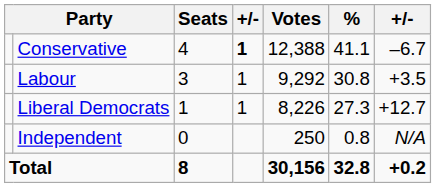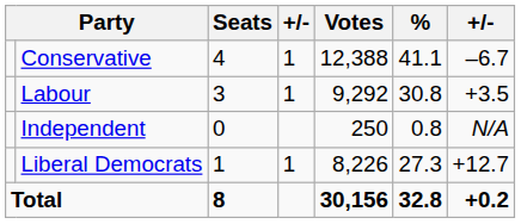 <table class="wikitable sortable">
 <tr>
 <th colspan="2">Party</th>
 <th>Seats</th>
 <th>+/-</th>
 <th>Votes</th>
 <th>%</th>
 <th>+/-</th>
 </tr>
 <tr>
 <td style="background-color: "></td>
 <td><a href='#'>Conservative</a></td>
 <td>4</td>
-<td><strong> 1</strong></td>
+<td> 1</td>
 <td style="text-align:right;">12,388</td>
 <td style="text-align:right;">41.1</td>
 <td style="text-align:right;">–6.7</td>
 </tr>
 <tr>
 <td style="background-color: "></td>
 <td><a href='#'>Labour</a></td>
 <td>3</td>
 <td> 1</td>
 <td style="text-align:right;">9,292</td>
 <td style="text-align:right;">30.8</td>
 <td style="text-align:right;">+3.5</td>
 </tr>
 <tr>
 <td style="background-color: "></td>
+<td><a href='#'>Independent</a></td>
+<td>0</td>
+<td></td>
+<td style="text-align:right;">250</td>
+<td style="text-align:right;">0.8</td>
+<td style="text-align:right;"><em>N/A</em></td>
+</tr>
+<tr>
+<td style="background-color: "></td>
 <td><a href='#'>Liberal Democrats</a></td>
 <td>1</td>
 <td> 1</td>
 <td style="text-align:right;">8,226</td>
 <td style="text-align:right;">27.3</td>
 <td style="text-align:right;">+12.7</td>
-</tr>
-<tr>
-<td style="background-color: "></td>
-<td><a href='#'>Independent</a></td>
-<td>0</td>
-<td></td>
-<td style="text-align:right;">250</td>
-<td style="text-align:right;">0.8</td>
-<td style="text-align:right;"><em>N/A</em></td>
 </tr>
 <tr>
 <td colspan="2"><strong>Total</strong></td>
 <td><strong>8</strong></td>
 <td></td>
 <td style="text-align:right;"><strong>30,156</strong></td>
 <td style="text-align:right;"><strong>32.8</strong></td>
 <td style="text-align:right;"><strong>+0.2</strong></td>
 </tr>
 </table>
